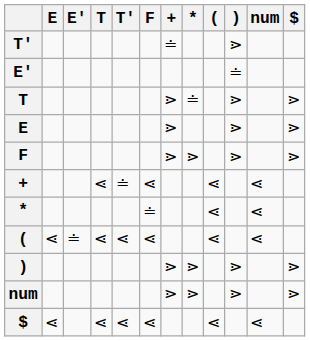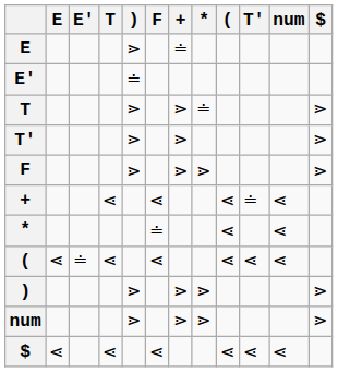 <table class="wikitable">
 <tr>
 <th></th>
 <th>E</th>
 <th>E'</th>
 <th>T</th>
-<th>T'</th>
+<th>)</th>
 <th>F</th>
 <th>+</th>
 <th>*</th>
 <th>(</th>
-<th>)</th>
+<th>T'</th>
 <th>num</th>
 <th>$</th>
 </tr>
 <tr>
-<th>T'</th>
+<th>E</th>
 <td></td>
 <td></td>
 <td></td>
-<td></td>
+<td>⋗</td>
 <td></td>
 <td>≐</td>
 <td></td>
 <td></td>
-<td>⋗</td>
+<td></td>
 <td></td>
 <td></td>
 </tr>
 <tr>
 <th>E'</th>
 <td></td>
 <td></td>
 <td></td>
+<td>≐</td>
 <td></td>
 <td></td>
 <td></td>
 <td></td>
 <td></td>
-<td>≐</td>
 <td></td>
 <td></td>
 </tr>
 <tr>
 <th>T</th>
 <td></td>
 <td></td>
 <td></td>
-<td></td>
+<td>⋗</td>
 <td></td>
 <td>⋗</td>
 <td>≐</td>
 <td></td>
-<td>⋗</td>
+<td></td>
 <td></td>
 <td>⋗</td>
 </tr>
 <tr>
-<th>E</th>
-<td></td>
-<td></td>
+<th>T'</th>
 <td></td>
 <td></td>
 <td></td>
 <td>⋗</td>
 <td></td>
+<td>⋗</td>
 <td></td>
-<td>⋗</td>
+<td></td>
+<td></td>
 <td></td>
 <td>⋗</td>
 </tr>
 <tr>
 <th>F</th>
 <td></td>
 <td></td>
 <td></td>
-<td></td>
+<td>⋗</td>
 <td></td>
 <td>⋗</td>
 <td>⋗</td>
 <td></td>
-<td>⋗</td>
+<td></td>
 <td></td>
 <td>⋗</td>
 </tr>
 <tr>
 <th>+</th>
 <td></td>
 <td></td>
 <td>⋖</td>
-<td>≐</td>
+<td></td>
 <td>⋖</td>
 <td></td>
 <td></td>
 <td>⋖</td>
-<td></td>
+<td>≐</td>
 <td>⋖</td>
 <td></td>
 </tr>
 <tr>
 <th>*</th>
 <td></td>
 <td></td>
 <td></td>
 <td></td>
 <td>≐</td>
 <td></td>
 <td></td>
 <td>⋖</td>
 <td></td>
 <td>⋖</td>
 <td></td>
 </tr>
 <tr>
 <th>(</th>
 <td>⋖</td>
 <td>≐</td>
 <td>⋖</td>
-<td>⋖</td>
+<td></td>
 <td>⋖</td>
 <td></td>
 <td></td>
 <td>⋖</td>
-<td></td>
+<td>⋖</td>
 <td>⋖</td>
 <td></td>
 </tr>
 <tr>
 <th>)</th>
 <td></td>
 <td></td>
 <td></td>
-<td></td>
+<td>⋗</td>
 <td></td>
 <td>⋗</td>
 <td>⋗</td>
 <td></td>
-<td>⋗</td>
+<td></td>
 <td></td>
 <td>⋗</td>
 </tr>
 <tr>
 <th>num</th>
 <td></td>
 <td></td>
 <td></td>
-<td></td>
+<td>⋗</td>
 <td></td>
 <td>⋗</td>
 <td>⋗</td>
 <td></td>
-<td>⋗</td>
+<td></td>
 <td></td>
 <td>⋗</td>
 </tr>
 <tr>
 <th>$</th>
 <td>⋖</td>
 <td></td>
 <td>⋖</td>
-<td>⋖</td>
+<td></td>
 <td>⋖</td>
 <td></td>
 <td></td>
 <td>⋖</td>
-<td></td>
+<td>⋖</td>
 <td>⋖</td>
 <td></td>
 </tr>
 </table>
